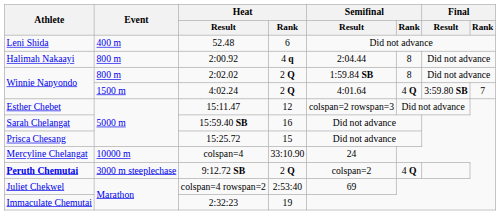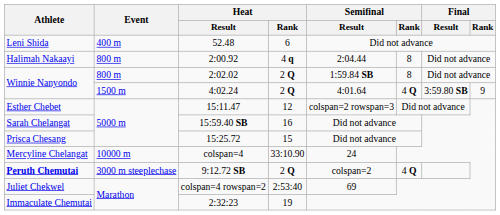 <table class="wikitable" style="font-size:90%">
 <tr>
 <th rowspan="2">Athlete</th>
 <th rowspan="2">Event</th>
 <th colspan="2">Heat</th>
 <th colspan="2">Semifinal</th>
 <th colspan="2">Final</th>
 </tr>
 <tr style="font-size:95%">
 <th>Result</th>
 <th>Rank</th>
 <th>Result</th>
 <th>Rank</th>
 <th>Result</th>
 <th>Rank</th>
 </tr>
 <tr align=center>
 <td align=left><a href='#'>Leni Shida</a></td>
 <td align=left><a href='#'>400 m</a></td>
 <td>52.48</td>
 <td>6</td>
 <td colspan=4>Did not advance</td>
 </tr>
 <tr align=center>
 <td align=left><a href='#'>Halimah Nakaayi</a></td>
 <td align="left"><a href='#'>800 m</a></td>
 <td>2:00.92</td>
 <td>4 <strong>q</strong></td>
 <td>2:04.44</td>
 <td>8</td>
 <td colspan=2>Did not advance</td>
 </tr>
 <tr align=center>
 <td align="left" rowspan=2><a href='#'>Winnie Nanyondo</a></td>
 <td align="left"><a href='#'>800 m</a></td>
 <td>2:02.02</td>
 <td>2 <strong>Q</strong></td>
 <td>1:59.84 <strong>SB</strong></td>
 <td>8</td>
 <td colspan=2>Did not advance</td>
 </tr>
 <tr align=center>
 <td align=left><a href='#'>1500 m</a></td>
 <td>4:02.24</td>
 <td>2 <strong>Q</strong></td>
 <td>4:01.64</td>
 <td>4 <strong>Q</strong></td>
 <td>3:59.80 <strong>SB</strong></td>
-<td>7</td>
+<td>9</td>
 </tr>
 <tr align=center>
 <td align=left><a href='#'>Esther Chebet</a></td>
 <td align=left rowspan=3><a href='#'>5000 m</a></td>
 <td>15:11.47</td>
 <td>12</td>
 <td>colspan=2 rowspan=3 </td>
 <td colspan=2>Did not advance</td>
 </tr>
 <tr align=center>
 <td align=left><a href='#'>Sarah Chelangat</a></td>
 <td>15:59.40 <strong>SB</strong></td>
 <td>16</td>
 <td colspan=2>Did not advance</td>
 </tr>
 <tr align=center>
 <td align=left><a href='#'>Prisca Chesang</a></td>
 <td>15:25.72</td>
 <td>15</td>
 <td colspan=2>Did not advance</td>
 </tr>
 <tr align=center>
 <td align=left><a href='#'>Mercyline Chelangat</a></td>
 <td align=left><a href='#'>10000 m</a></td>
 <td>colspan=4 </td>
 <td>33:10.90</td>
 <td>24</td>
 </tr>
 <tr align=center>
 <td align=left><strong><a href='#'>Peruth Chemutai</a></strong></td>
 <td align=left><a href='#'>3000 m steeplechase</a></td>
 <td>9:12.72 <strong>SB</strong></td>
 <td>2 <strong>Q</strong></td>
 <td>colspan=2 </td>
 <td>4 <strong>Q</strong></td>
 <td></td>
 </tr>
 <tr align=center>
 <td align=left><a href='#'>Juliet Chekwel</a></td>
 <td align=left rowspan=2><a href='#'>Marathon</a></td>
 <td>colspan=4 rowspan=2 </td>
 <td>2:53:40</td>
 <td>69</td>
 </tr>
 <tr align=center>
 <td align=left><a href='#'>Immaculate Chemutai</a></td>
 <td>2:32:23</td>
 <td>19</td>
 </tr>
 </table>
